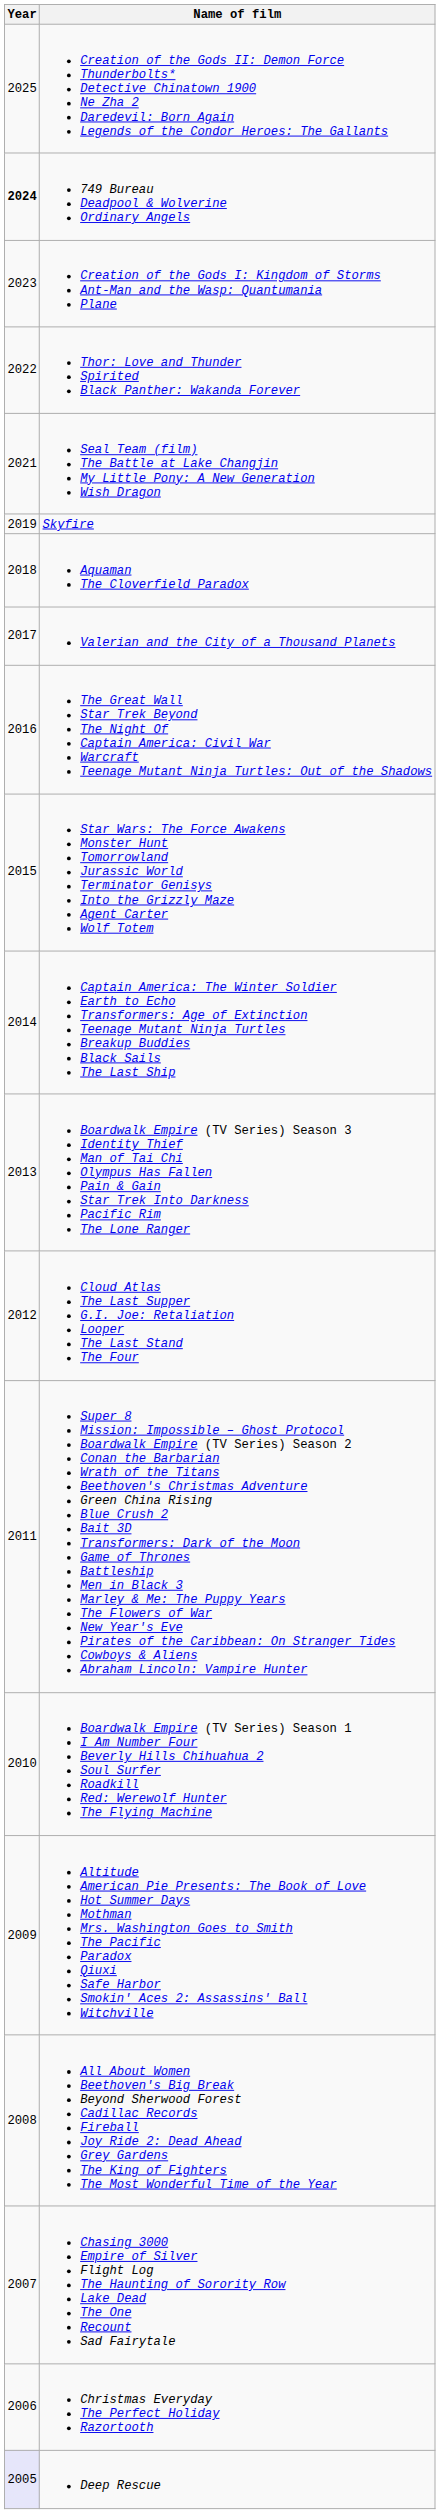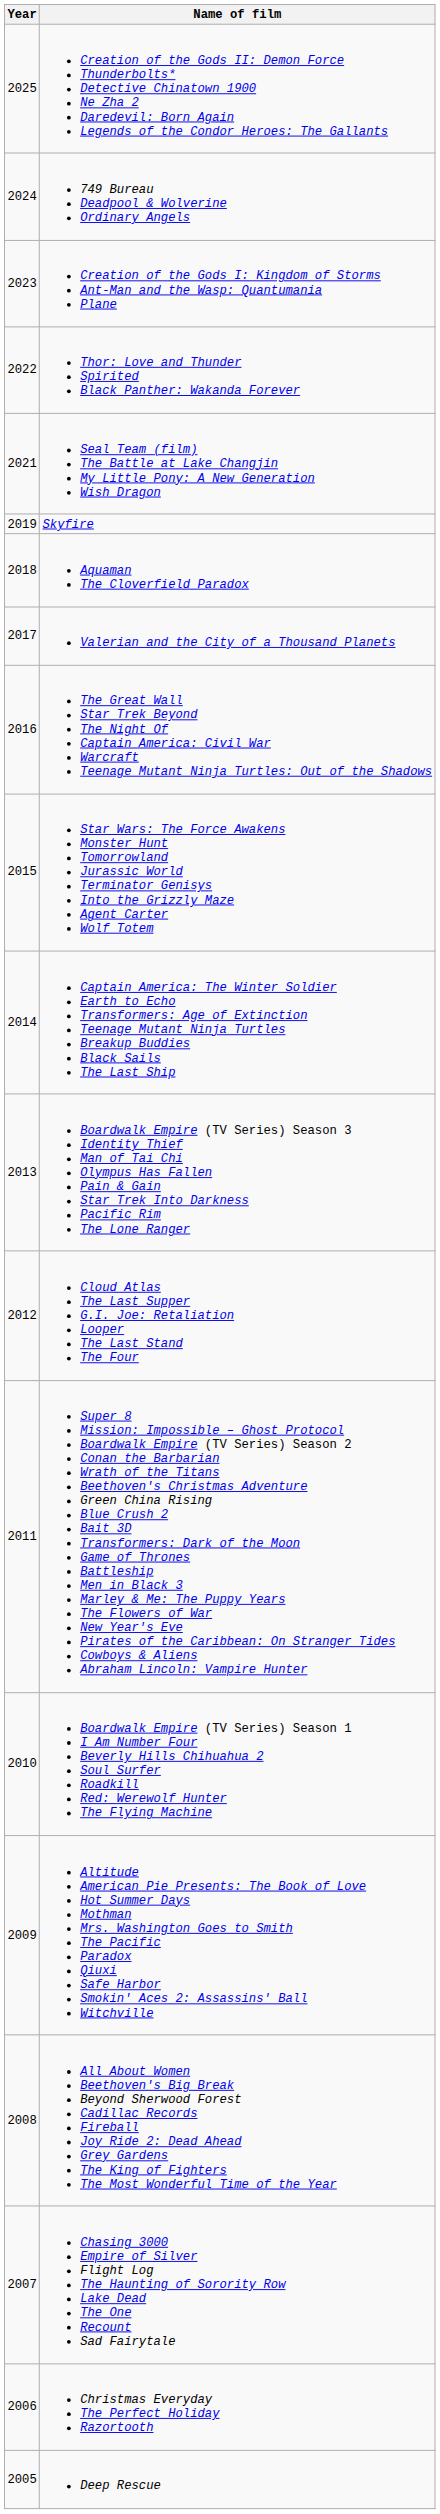 <table class="wikitable">
 <tr>
 <th>Year</th>
 <th>Name of film</th>
 </tr>
 <tr>
 <td>2025</td>
 <td><br><ul><li><em><a href='#'>Creation of the Gods II: Demon Force</a></em></li><li><em><a href='#'>Thunderbolts*</a></em></li><li><em><a href='#'>Detective Chinatown 1900</a></em></li><li><em><a href='#'>Ne Zha 2</a></em></li><li><em><a href='#'>Daredevil: Born Again</a></em></li><li><em><a href='#'>Legends of the Condor Heroes: The Gallants</a></em></li></ul></td>
 </tr>
 <tr>
-<td><strong>2024</strong></td>
+<td>2024</td>
 <td><br><ul><li><em>749 Bureau</em></li><li><em><a href='#'>Deadpool & Wolverine</a></em></li><li><em><a href='#'>Ordinary Angels</a></em></li></ul></td>
 </tr>
 <tr>
 <td>2023</td>
 <td><br><ul><li><em><a href='#'>Creation of the Gods I: Kingdom of Storms</a></em></li><li><em><a href='#'>Ant-Man and the Wasp: Quantumania</a></em></li><li><em><a href='#'>Plane</a></em></li></ul></td>
 </tr>
 <tr>
 <td>2022</td>
 <td><br><ul><li><em><a href='#'>Thor: Love and Thunder</a></em></li><li><em><a href='#'>Spirited</a></em></li><li><em><a href='#'>Black Panther: Wakanda Forever</a></em></li></ul></td>
 </tr>
 <tr>
 <td>2021</td>
 <td><br><ul><li><em><a href='#'>Seal Team (film)</a></em></li><li><em><a href='#'>The Battle at Lake Changjin</a></em></li><li><em><a href='#'>My Little Pony: A New Generation</a></em></li><li><em><a href='#'>Wish Dragon</a></em></li></ul></td>
 </tr>
 <tr>
 <td>2019</td>
 <td><em><a href='#'>Skyfire</a></em></td>
 </tr>
 <tr>
 <td>2018</td>
 <td><br><ul><li><em><a href='#'>Aquaman</a></em></li><li><em><a href='#'>The Cloverfield Paradox</a></em></li></ul></td>
 </tr>
 <tr>
 <td>2017</td>
 <td><br><ul><li><em><a href='#'>Valerian and the City of a Thousand Planets</a></em></li></ul></td>
 </tr>
 <tr>
 <td>2016</td>
 <td><br><ul><li><em><a href='#'>The Great Wall</a></em></li><li><em><a href='#'>Star Trek Beyond</a></em></li><li><em><a href='#'>The Night Of</a></em></li><li><em><a href='#'>Captain America: Civil War</a></em></li><li><em><a href='#'>Warcraft</a></em></li><li><em><a href='#'>Teenage Mutant Ninja Turtles: Out of the Shadows</a></em></li></ul></td>
 </tr>
 <tr>
 <td>2015</td>
 <td><br><ul><li><em><a href='#'>Star Wars: The Force Awakens</a></em></li><li><em><a href='#'>Monster Hunt</a></em></li><li><em><a href='#'>Tomorrowland</a></em></li><li><em><a href='#'>Jurassic World</a></em></li><li><em><a href='#'>Terminator Genisys</a></em></li><li><em><a href='#'>Into the Grizzly Maze</a></em></li><li><em><a href='#'>Agent Carter</a></em></li><li><em><a href='#'>Wolf Totem</a></em></li></ul></td>
 </tr>
 <tr>
 <td>2014</td>
 <td><br><ul><li><em><a href='#'>Captain America: The Winter Soldier</a></em></li><li><em><a href='#'>Earth to Echo</a></em></li><li><em><a href='#'>Transformers: Age of Extinction</a></em></li><li><em><a href='#'>Teenage Mutant Ninja Turtles</a></em></li><li><em><a href='#'>Breakup Buddies</a></em></li><li><em><a href='#'>Black Sails</a></em></li><li><em><a href='#'>The Last Ship</a></em></li></ul></td>
 </tr>
 <tr>
 <td>2013</td>
 <td><br><ul><li><em><a href='#'>Boardwalk Empire</a></em> (TV Series) Season 3</li><li><em><a href='#'>Identity Thief</a></em></li><li><em><a href='#'>Man of Tai Chi</a></em></li><li><em><a href='#'>Olympus Has Fallen</a></em></li><li><em><a href='#'>Pain & Gain</a></em></li><li><em><a href='#'>Star Trek Into Darkness</a></em></li><li><em><a href='#'>Pacific Rim</a></em></li><li><em><a href='#'>The Lone Ranger</a></em></li></ul></td>
 </tr>
 <tr>
 <td>2012</td>
 <td><br><ul><li><em><a href='#'>Cloud Atlas</a></em></li><li><em><a href='#'>The Last Supper</a></em></li><li><em><a href='#'>G.I. Joe: Retaliation</a></em></li><li><em><a href='#'>Looper</a></em></li><li><em><a href='#'>The Last Stand</a></em></li><li><em><a href='#'>The Four</a></em></li></ul></td>
 </tr>
 <tr>
 <td>2011</td>
 <td><br><ul><li><em><a href='#'>Super 8</a></em></li><li><em><a href='#'>Mission: Impossible – Ghost Protocol</a></em></li><li><em><a href='#'>Boardwalk Empire</a></em>  (TV Series) Season 2</li><li><em><a href='#'>Conan the Barbarian</a></em></li><li><em><a href='#'>Wrath of the Titans</a></em></li><li><em><a href='#'>Beethoven's Christmas Adventure</a></em></li><li><em>Green China Rising</em></li><li><em><a href='#'>Blue Crush 2</a></em></li><li><em><a href='#'>Bait 3D</a></em></li><li><em><a href='#'>Transformers: Dark of the Moon</a></em></li><li><em><a href='#'>Game of Thrones</a></em></li><li><em><a href='#'>Battleship</a></em></li><li><em><a href='#'>Men in Black 3</a></em></li><li><em><a href='#'>Marley & Me: The Puppy Years</a></em></li><li><em><a href='#'>The Flowers of War</a></em></li><li><em><a href='#'>New Year's Eve</a></em></li><li><em><a href='#'>Pirates of the Caribbean: On Stranger Tides</a></em></li><li><em><a href='#'>Cowboys & Aliens</a></em></li><li><em><a href='#'>Abraham Lincoln: Vampire Hunter</a></em></li></ul></td>
 </tr>
 <tr>
 <td>2010</td>
 <td><br><ul><li><em><a href='#'>Boardwalk Empire</a></em> (TV Series) Season 1</li><li><em><a href='#'>I Am Number Four</a></em></li><li><em><a href='#'>Beverly Hills Chihuahua 2</a></em></li><li><em><a href='#'>Soul Surfer</a></em></li><li><em><a href='#'>Roadkill</a></em></li><li><em><a href='#'>Red: Werewolf Hunter</a></em></li><li><em><a href='#'>The Flying Machine</a></em></li></ul></td>
 </tr>
 <tr>
 <td>2009</td>
 <td><br><ul><li><em><a href='#'>Altitude</a></em></li><li><em><a href='#'>American Pie Presents: The Book of Love</a></em></li><li><em><a href='#'>Hot Summer Days</a></em></li><li><em><a href='#'>Mothman</a></em></li><li><em><a href='#'>Mrs. Washington Goes to Smith</a></em></li><li><em><a href='#'>The Pacific</a></em></li><li><em><a href='#'>Paradox</a></em></li><li><em><a href='#'>Qiuxi</a></em></li><li><em><a href='#'>Safe Harbor</a></em></li><li><em><a href='#'>Smokin' Aces 2: Assassins' Ball</a></em></li><li><em><a href='#'>Witchville</a></em></li></ul></td>
 </tr>
 <tr>
 <td>2008</td>
 <td><br><ul><li><em><a href='#'>All About Women</a></em></li><li><em><a href='#'>Beethoven's Big Break</a></em></li><li><em>Beyond Sherwood Forest</em></li><li><em><a href='#'>Cadillac Records</a></em></li><li><em><a href='#'>Fireball</a></em></li><li><em><a href='#'>Joy Ride 2: Dead Ahead</a></em></li><li><em><a href='#'>Grey Gardens</a></em></li><li><em><a href='#'>The King of Fighters</a></em></li><li><em><a href='#'>The Most Wonderful Time of the Year</a></em></li></ul></td>
 </tr>
 <tr>
 <td>2007</td>
 <td><br><ul><li><em><a href='#'>Chasing 3000</a></em></li><li><em><a href='#'>Empire of Silver</a></em></li><li><em>Flight Log</em></li><li><em><a href='#'>The Haunting of Sorority Row</a></em></li><li><em><a href='#'>Lake Dead</a></em></li><li><em><a href='#'>The One</a></em></li><li><em><a href='#'>Recount</a></em></li><li><em>Sad Fairytale</em></li></ul></td>
 </tr>
 <tr>
 <td>2006</td>
 <td><br><ul><li><em>Christmas Everyday</em></li><li><em><a href='#'>The Perfect Holiday</a></em></li><li><em><a href='#'>Razortooth</a></em></li></ul></td>
 </tr>
 <tr>
-<td style="background: lavender;">2005</td>
+<td>2005</td>
 <td><br><ul><li><em>Deep Rescue</em></li></ul></td>
 </tr>
 </table>
